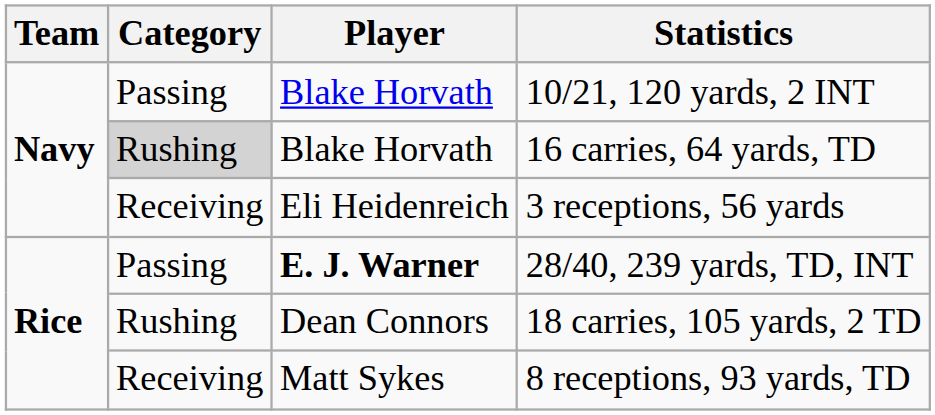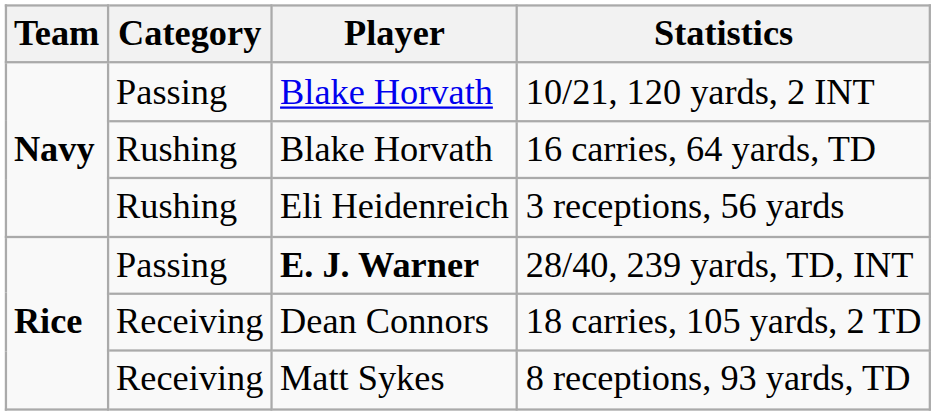 <table class="wikitable" style="float: right;">
 <tr>
 <th>Team</th>
 <th>Category</th>
 <th>Player</th>
 <th>Statistics</th>
 </tr>
 <tr>
 <td rowspan=3><strong>Navy</strong></td>
 <td>Passing</td>
 <td><a href='#'>Blake Horvath</a></td>
 <td>10/21, 120 yards, 2 INT</td>
 </tr>
 <tr>
-<td style="background: lightgrey;">Rushing</td>
+<td>Rushing</td>
 <td>Blake Horvath</td>
 <td>16 carries, 64 yards, TD</td>
 </tr>
 <tr>
-<td>Receiving</td>
+<td>Rushing</td>
 <td>Eli Heidenreich</td>
 <td>3 receptions, 56 yards</td>
 </tr>
 <tr>
 <td rowspan=3><strong>Rice</strong></td>
 <td>Passing</td>
 <td><strong>E. J. Warner</strong></td>
 <td>28/40, 239 yards, TD, INT</td>
 </tr>
 <tr>
-<td>Rushing</td>
+<td>Receiving</td>
 <td>Dean Connors</td>
 <td>18 carries, 105 yards, 2 TD</td>
 </tr>
 <tr>
 <td>Receiving</td>
 <td>Matt Sykes</td>
 <td>8 receptions, 93 yards, TD</td>
 </tr>
 </table>
